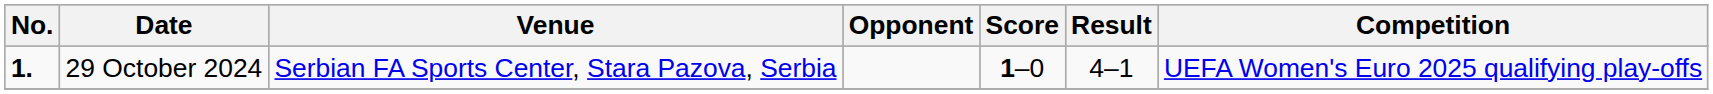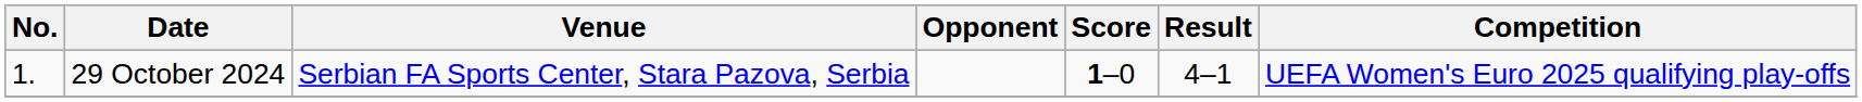 <table class="wikitable">
 <tr>
 <th>No.</th>
 <th>Date</th>
 <th>Venue</th>
 <th>Opponent</th>
 <th>Score</th>
 <th>Result</th>
 <th>Competition</th>
 </tr>
 <tr>
-<td><strong>1.</strong></td>
+<td>1.</td>
 <td>29 October 2024</td>
 <td><a href='#'>Serbian FA Sports Center</a>, <a href='#'>Stara Pazova</a>, <a href='#'>Serbia</a></td>
 <td></td>
 <td align=center><strong>1</strong>–0</td>
 <td align=center>4–1</td>
 <td><a href='#'>UEFA Women's Euro 2025 qualifying play-offs</a></td>
 </tr>
 <tr>
 </tr>
 </table>
